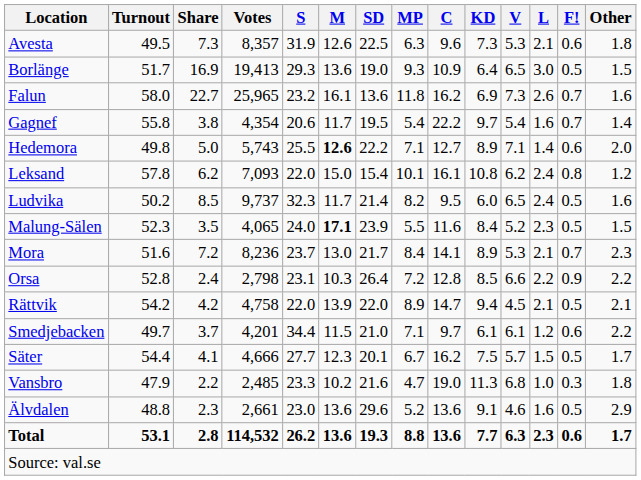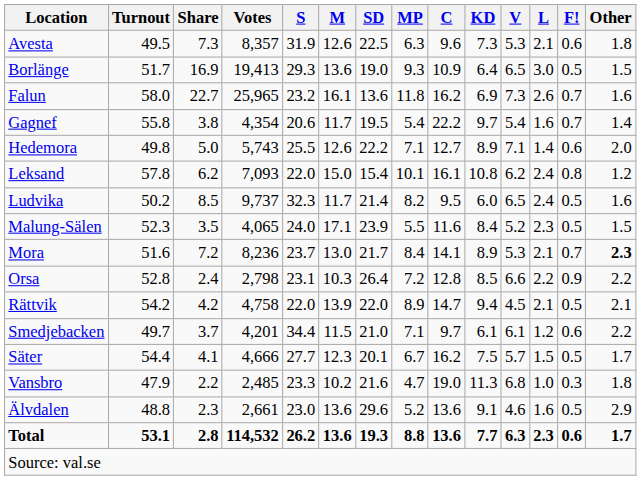 <table class="wikitable sortable" style=text-align:right>
 <tr>
 <th>Location</th>
 <th>Turnout</th>
 <th>Share</th>
 <th>Votes</th>
 <th><a href='#'>S</a></th>
 <th><a href='#'>M</a></th>
 <th><a href='#'>SD</a></th>
 <th><a href='#'>MP</a></th>
 <th><a href='#'>C</a></th>
 <th><a href='#'>KD</a></th>
 <th><a href='#'>V</a></th>
 <th><a href='#'>L</a></th>
 <th><a href='#'>F!</a></th>
 <th>Other</th>
 </tr>
 <tr>
 <td align=left><a href='#'>Avesta</a></td>
 <td>49.5</td>
 <td>7.3</td>
 <td>8,357</td>
 <td>31.9</td>
 <td>12.6</td>
 <td>22.5</td>
 <td>6.3</td>
 <td>9.6</td>
 <td>7.3</td>
 <td>5.3</td>
 <td>2.1</td>
 <td>0.6</td>
 <td>1.8</td>
 </tr>
 <tr>
 <td align=left><a href='#'>Borlänge</a></td>
 <td>51.7</td>
 <td>16.9</td>
 <td>19,413</td>
 <td>29.3</td>
 <td>13.6</td>
 <td>19.0</td>
 <td>9.3</td>
 <td>10.9</td>
 <td>6.4</td>
 <td>6.5</td>
 <td>3.0</td>
 <td>0.5</td>
 <td>1.5</td>
 </tr>
 <tr>
 <td align=left><a href='#'>Falun</a></td>
 <td>58.0</td>
 <td>22.7</td>
 <td>25,965</td>
 <td>23.2</td>
 <td>16.1</td>
 <td>13.6</td>
 <td>11.8</td>
 <td>16.2</td>
 <td>6.9</td>
 <td>7.3</td>
 <td>2.6</td>
 <td>0.7</td>
 <td>1.6</td>
 </tr>
 <tr>
 <td align=left><a href='#'>Gagnef</a></td>
 <td>55.8</td>
 <td>3.8</td>
 <td>4,354</td>
 <td>20.6</td>
 <td>11.7</td>
 <td>19.5</td>
 <td>5.4</td>
 <td>22.2</td>
 <td>9.7</td>
 <td>5.4</td>
 <td>1.6</td>
 <td>0.7</td>
 <td>1.4</td>
 </tr>
 <tr>
 <td align=left><a href='#'>Hedemora</a></td>
 <td>49.8</td>
 <td>5.0</td>
 <td>5,743</td>
 <td>25.5</td>
-<td><strong>12.6</strong></td>
+<td>12.6</td>
 <td>22.2</td>
 <td>7.1</td>
 <td>12.7</td>
 <td>8.9</td>
 <td>7.1</td>
 <td>1.4</td>
 <td>0.6</td>
 <td>2.0</td>
 </tr>
 <tr>
 <td align=left><a href='#'>Leksand</a></td>
 <td>57.8</td>
 <td>6.2</td>
 <td>7,093</td>
 <td>22.0</td>
 <td>15.0</td>
 <td>15.4</td>
 <td>10.1</td>
 <td>16.1</td>
 <td>10.8</td>
 <td>6.2</td>
 <td>2.4</td>
 <td>0.8</td>
 <td>1.2</td>
 </tr>
 <tr>
 <td align=left><a href='#'>Ludvika</a></td>
 <td>50.2</td>
 <td>8.5</td>
 <td>9,737</td>
 <td>32.3</td>
 <td>11.7</td>
 <td>21.4</td>
 <td>8.2</td>
 <td>9.5</td>
 <td>6.0</td>
 <td>6.5</td>
 <td>2.4</td>
 <td>0.5</td>
 <td>1.6</td>
 </tr>
 <tr>
 <td align=left><a href='#'>Malung-Sälen</a></td>
 <td>52.3</td>
 <td>3.5</td>
 <td>4,065</td>
 <td>24.0</td>
-<td><strong>17.1</strong></td>
+<td>17.1</td>
 <td>23.9</td>
 <td>5.5</td>
 <td>11.6</td>
 <td>8.4</td>
 <td>5.2</td>
 <td>2.3</td>
 <td>0.5</td>
 <td>1.5</td>
 </tr>
 <tr>
 <td align=left><a href='#'>Mora</a></td>
 <td>51.6</td>
 <td>7.2</td>
 <td>8,236</td>
 <td>23.7</td>
 <td>13.0</td>
 <td>21.7</td>
 <td>8.4</td>
 <td>14.1</td>
 <td>8.9</td>
 <td>5.3</td>
 <td>2.1</td>
 <td>0.7</td>
-<td>2.3</td>
+<td><strong>2.3</strong></td>
 </tr>
 <tr>
 <td align=left><a href='#'>Orsa</a></td>
 <td>52.8</td>
 <td>2.4</td>
 <td>2,798</td>
 <td>23.1</td>
 <td>10.3</td>
 <td>26.4</td>
 <td>7.2</td>
 <td>12.8</td>
 <td>8.5</td>
 <td>6.6</td>
 <td>2.2</td>
 <td>0.9</td>
 <td>2.2</td>
 </tr>
 <tr>
 <td align=left><a href='#'>Rättvik</a></td>
 <td>54.2</td>
 <td>4.2</td>
 <td>4,758</td>
 <td>22.0</td>
 <td>13.9</td>
 <td>22.0</td>
 <td>8.9</td>
 <td>14.7</td>
 <td>9.4</td>
 <td>4.5</td>
 <td>2.1</td>
 <td>0.5</td>
 <td>2.1</td>
 </tr>
 <tr>
 <td align=left><a href='#'>Smedjebacken</a></td>
 <td>49.7</td>
 <td>3.7</td>
 <td>4,201</td>
 <td>34.4</td>
 <td>11.5</td>
 <td>21.0</td>
 <td>7.1</td>
 <td>9.7</td>
 <td>6.1</td>
 <td>6.1</td>
 <td>1.2</td>
 <td>0.6</td>
 <td>2.2</td>
 </tr>
 <tr>
 <td align=left><a href='#'>Säter</a></td>
 <td>54.4</td>
 <td>4.1</td>
 <td>4,666</td>
 <td>27.7</td>
 <td>12.3</td>
 <td>20.1</td>
 <td>6.7</td>
 <td>16.2</td>
 <td>7.5</td>
 <td>5.7</td>
 <td>1.5</td>
 <td>0.5</td>
 <td>1.7</td>
 </tr>
 <tr>
 <td align=left><a href='#'>Vansbro</a></td>
 <td>47.9</td>
 <td>2.2</td>
 <td>2,485</td>
 <td>23.3</td>
 <td>10.2</td>
 <td>21.6</td>
 <td>4.7</td>
 <td>19.0</td>
 <td>11.3</td>
 <td>6.8</td>
 <td>1.0</td>
 <td>0.3</td>
 <td>1.8</td>
 </tr>
 <tr>
 <td align=left><a href='#'>Älvdalen</a></td>
 <td>48.8</td>
 <td>2.3</td>
 <td>2,661</td>
 <td>23.0</td>
 <td>13.6</td>
 <td>29.6</td>
 <td>5.2</td>
 <td>13.6</td>
 <td>9.1</td>
 <td>4.6</td>
 <td>1.6</td>
 <td>0.5</td>
 <td>2.9</td>
 </tr>
 <tr>
 <td align=left><strong>Total</strong></td>
 <td><strong>53.1</strong></td>
 <td><strong>2.8</strong></td>
 <td><strong>114,532</strong></td>
 <td><strong>26.2</strong></td>
 <td><strong>13.6</strong></td>
 <td><strong>19.3</strong></td>
 <td><strong>8.8</strong></td>
 <td><strong>13.6</strong></td>
 <td><strong>7.7</strong></td>
 <td><strong>6.3</strong></td>
 <td><strong>2.3</strong></td>
 <td><strong>0.6</strong></td>
 <td><strong>1.7</strong></td>
 </tr>
 <tr>
 <td align=left colspan=14>Source: val.se </td>
 </tr>
 </table>
